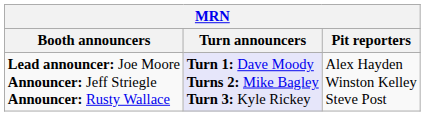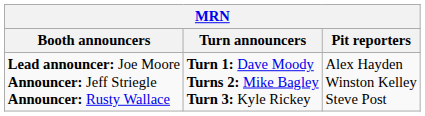 <table class="wikitable" style="font-size: 95%">
 <tr>
 <th colspan="3"><a href='#'>MRN</a></th>
 </tr>
 <tr>
 <th>Booth announcers</th>
 <th>Turn announcers</th>
 <th>Pit reporters</th>
 </tr>
 <tr>
 <td><strong>Lead announcer:</strong> Joe Moore<br><strong>Announcer:</strong> Jeff Striegle<br><strong>Announcer:</strong> <a href='#'>Rusty Wallace</a></td>
-<td style="background: lavender;"><strong>Turn 1:</strong> <a href='#'>Dave Moody</a> <br><strong>Turns 2:</strong> <a href='#'>Mike Bagley</a><br><strong>Turn 3:</strong> Kyle Rickey</td>
+<td><strong>Turn 1:</strong> <a href='#'>Dave Moody</a> <br><strong>Turns 2:</strong> <a href='#'>Mike Bagley</a><br><strong>Turn 3:</strong> Kyle Rickey</td>
 <td>Alex Hayden<br>Winston Kelley<br>Steve Post</td>
 </tr>
 </table>
